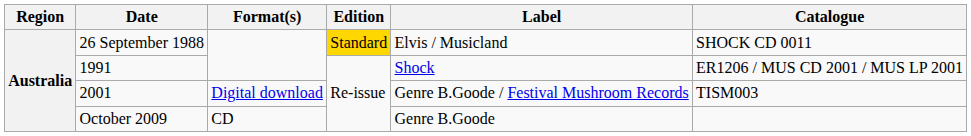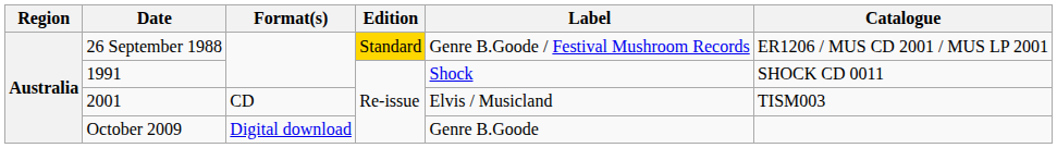 <table class="wikitable plainrowheaders">
 <tr>
 <th scope="col">Region</th>
 <th scope="col">Date</th>
 <th scope="col">Format(s)</th>
 <th scope="col">Edition</th>
 <th scope="col">Label</th>
 <th scope="col">Catalogue</th>
 </tr>
 <tr>
 <th scope="row" rowspan="4">Australia</th>
 <td>26 September 1988</td>
 <td rowspan="2"></td>
 <td style="background: gold;">Standard</td>
-<td>Elvis / Musicland</td>
-<td>SHOCK CD 0011</td>
+<td>Genre B.Goode / <a href='#'>Festival Mushroom Records </a></td>
+<td>ER1206 / MUS CD 2001 / MUS LP 2001</td>
 </tr>
 <tr>
 <td>1991</td>
 <td rowspan="3">Re-issue</td>
 <td><a href='#'>Shock</a></td>
-<td>ER1206 / MUS CD 2001 / MUS LP 2001</td>
+<td>SHOCK CD 0011</td>
 </tr>
 <tr>
 <td>2001</td>
-<td><a href='#'>Digital download</a></td>
-<td>Genre B.Goode / <a href='#'>Festival Mushroom Records </a></td>
+<td>CD</td>
+<td>Elvis / Musicland</td>
 <td>TISM003</td>
 </tr>
 <tr>
 <td>October 2009</td>
-<td>CD</td>
+<td><a href='#'>Digital download</a></td>
 <td>Genre B.Goode</td>
 <td></td>
 </tr>
 </table>
